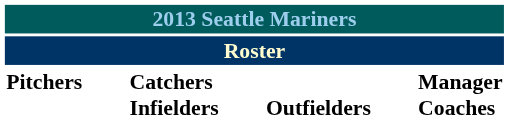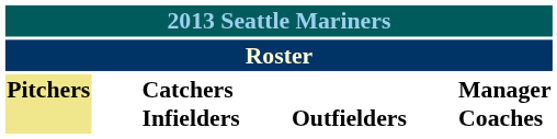 <table class="toccolours" style="font-size: 95%;">
 <tr>
 <th colspan="10" style="background:#005c5c; color:#9eceee; text-align:center;">2013 Seattle Mariners</th>
 </tr>
 <tr>
 <td colspan="10" style="background:#036; color:#fffdd0; text-align:center;"><strong>Roster</strong></td>
 </tr>
 <tr>
-<td valign="top"><strong>Pitchers</strong><br>                     </td>
+<td valign="top" style="background: khaki;"><strong>Pitchers</strong><br>                     </td>
 <td style="width:25px;"></td>
 <td valign="top"><strong>Catchers</strong><br>       <strong>Infielders</strong>         </td>
 <td style="width:25px;"></td>
 <td valign="top"><br><strong>Outfielders</strong>         </td>
 <td style="width:25px;"></td>
 <td valign="top"><strong>Manager</strong><br> <strong>Coaches</strong>                 </td>
 </tr>
 </table>
